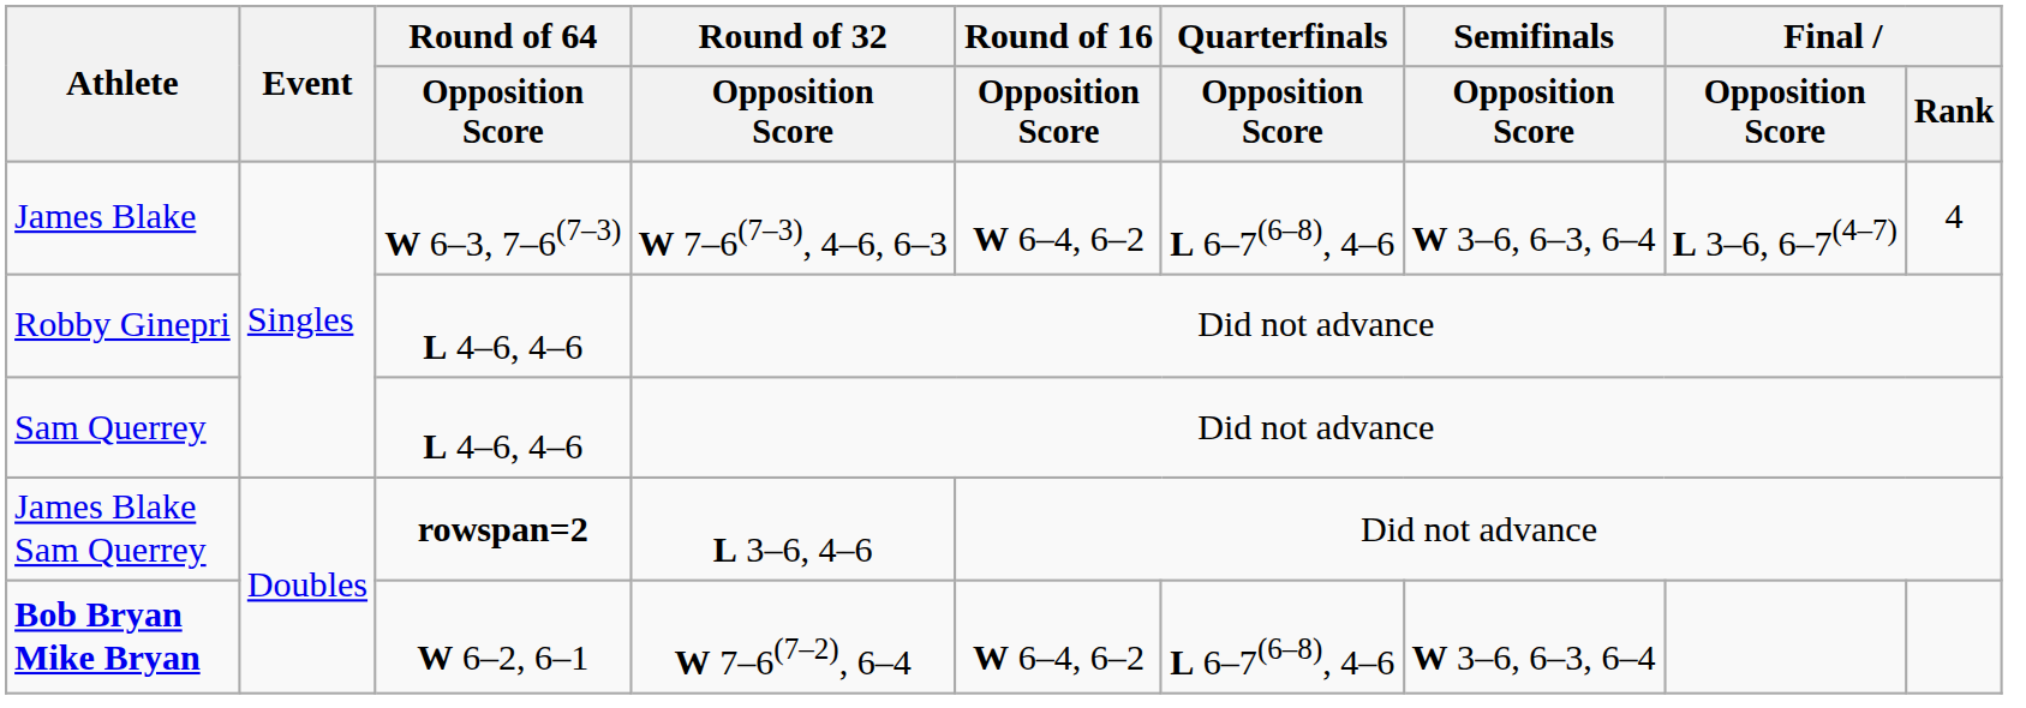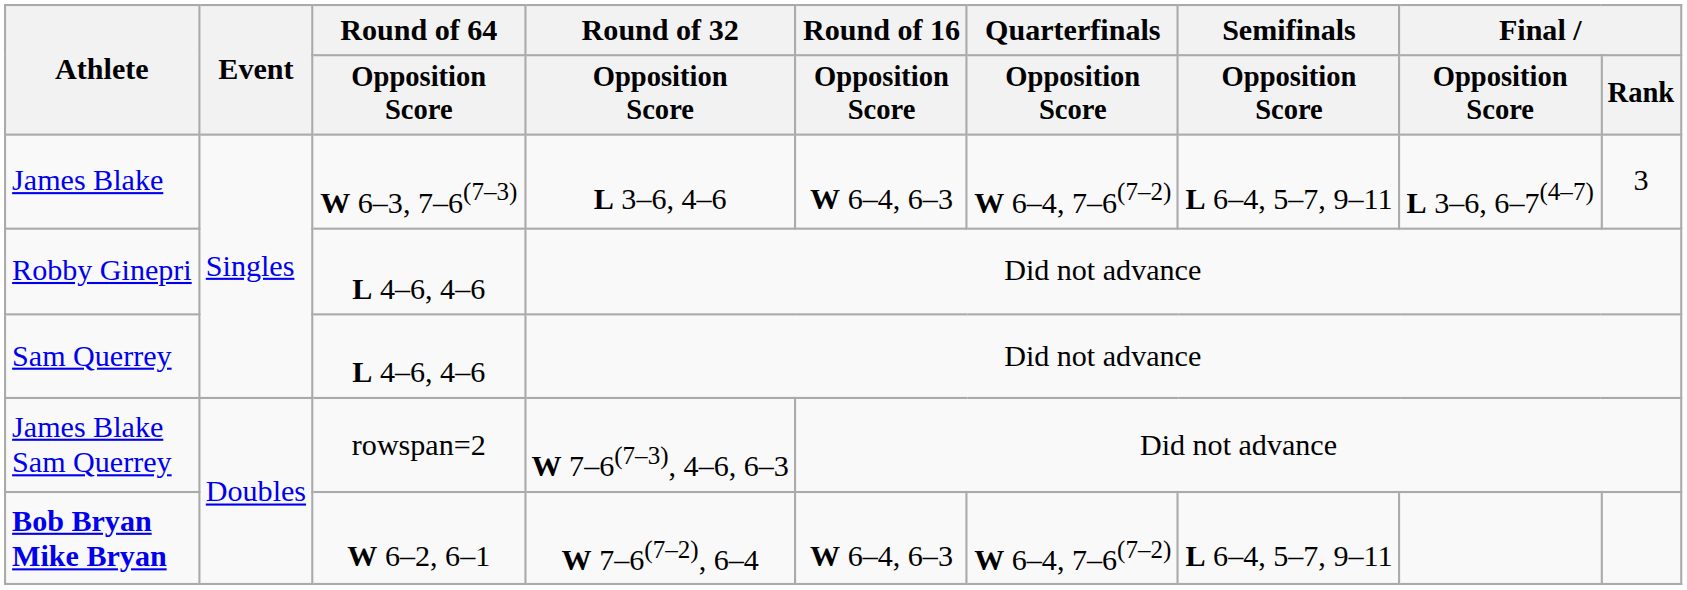 <table class=wikitable style=font-size:90%;text-align:center>
 <tr>
 <th rowspan=2>Athlete</th>
 <th rowspan=2>Event</th>
 <th>Round of 64</th>
 <th>Round of 32</th>
 <th>Round of 16</th>
 <th>Quarterfinals</th>
 <th>Semifinals</th>
 <th colspan=2>Final / </th>
 </tr>
 <tr style=font-size:95%>
 <th>Opposition<br>Score</th>
 <th>Opposition<br>Score</th>
 <th>Opposition<br>Score</th>
 <th>Opposition<br>Score</th>
 <th>Opposition<br>Score</th>
 <th>Opposition<br>Score</th>
 <th>Rank</th>
 </tr>
 <tr>
 <td align=left><a href='#'>James Blake</a></td>
 <td align=left rowspan=3><a href='#'>Singles</a></td>
 <td><br><strong>W</strong> 6–3, 7–6<sup>(7–3)</sup></td>
-<td><br><strong>W</strong> 7–6<sup>(7–3)</sup>, 4–6, 6–3</td>
-<td><br><strong>W</strong> 6–4, 6–2</td>
-<td><br><strong>L</strong> 6–7<sup>(6–8)</sup>, 4–6</td>
-<td><br><strong>W</strong> 3–6, 6–3, 6–4</td>
+<td><br><strong>L</strong> 3–6, 4–6</td>
+<td><br><strong>W</strong> 6–4, 6–3</td>
+<td><br><strong>W</strong> 6–4, 7–6<sup>(7–2)</sup></td>
+<td><br><strong>L</strong> 6–4, 5–7, 9–11</td>
 <td><br><strong>L</strong> 3–6, 6–7<sup>(4–7)</sup></td>
-<td>4</td>
+<td>3</td>
 </tr>
 <tr>
 <td align=left><a href='#'>Robby Ginepri</a></td>
 <td><br><strong>L</strong> 4–6, 4–6</td>
 <td colspan=6>Did not advance</td>
 </tr>
 <tr>
 <td align=left><a href='#'>Sam Querrey</a></td>
 <td><br><strong>L</strong> 4–6, 4–6</td>
 <td colspan=6>Did not advance</td>
 </tr>
 <tr>
 <td align=left><a href='#'>James Blake</a><br><a href='#'>Sam Querrey</a></td>
 <td align=left rowspan=2><a href='#'>Doubles</a></td>
-<td><strong>rowspan=2 </strong></td>
-<td><br><strong>L</strong> 3–6, 4–6</td>
+<td>rowspan=2 </td>
+<td><br><strong>W</strong> 7–6<sup>(7–3)</sup>, 4–6, 6–3</td>
 <td colspan=5>Did not advance</td>
 </tr>
 <tr>
 <td align=left><strong><a href='#'>Bob Bryan</a><br><a href='#'>Mike Bryan</a></strong></td>
 <td><br><strong>W</strong> 6–2, 6–1</td>
 <td><br><strong>W</strong> 7–6<sup>(7–2)</sup>, 6–4</td>
-<td><br><strong>W</strong> 6–4, 6–2</td>
-<td><br><strong>L</strong> 6–7<sup>(6–8)</sup>, 4–6</td>
-<td><br><strong>W</strong> 3–6, 6–3, 6–4</td>
+<td><br><strong>W</strong> 6–4, 6–3</td>
+<td><br><strong>W</strong> 6–4, 7–6<sup>(7–2)</sup></td>
+<td><br><strong>L</strong> 6–4, 5–7, 9–11</td>
 <td></td>
 </tr>
 </table>
